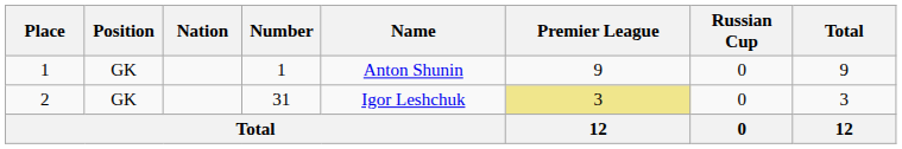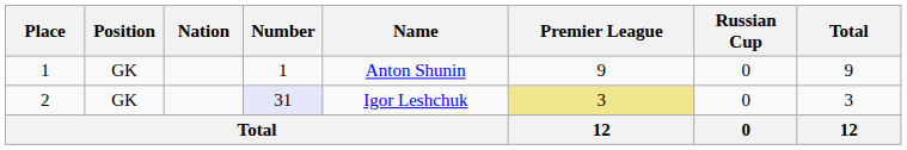 <table class="wikitable" style="font-size: 95%; text-align: center;">
 <tr>
 <th width=60>Place</th>
 <th width=60>Position</th>
 <th width=60>Nation</th>
 <th width=60>Number</th>
 <th width=150>Name</th>
 <th width=150>Premier League</th>
 <th width=80>Russian Cup</th>
 <th width=80>Total</th>
 </tr>
 <tr>
 <td>1</td>
 <td>GK</td>
 <td></td>
 <td>1</td>
 <td><a href='#'>Anton Shunin</a></td>
 <td>9</td>
 <td>0</td>
 <td>9</td>
 </tr>
 <tr>
 <td>2</td>
 <td>GK</td>
 <td></td>
-<td>31</td>
+<td style="background: lavender;">31</td>
 <td><a href='#'>Igor Leshchuk</a></td>
 <td style="background: khaki;">3</td>
 <td>0</td>
 <td>3</td>
 </tr>
 <tr>
 <th colspan=5>Total</th>
 <th>12</th>
 <th>0</th>
 <th>12</th>
 </tr>
 </table>
